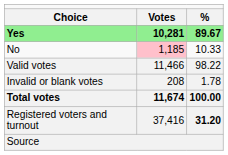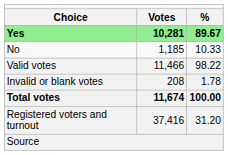 <table class="wikitable" style="text-align:right;">
 <tr>
 <td colspan="6" align="center"></td>
 </tr>
 <tr>
 <th style="width:200px;">Choice</th>
 <th style="width:70px;">Votes</th>
 <th style="width:50px;">%</th>
 </tr>
 <tr style="background:lightgreen;">
 <td align="left"> <strong>Yes</strong></td>
 <td><strong>10,281</strong></td>
 <td><strong>89.67</strong></td>
 </tr>
 <tr>
 <td align="left">No</td>
-<td style="background: pink;">1,185</td>
+<td>1,185</td>
 <td>10.33</td>
 </tr>
 <tr style="background-color:#F2F2F2">
 <td align="left">Valid votes</td>
 <td>11,466</td>
 <td>98.22</td>
 </tr>
 <tr style="background-color:#F2F2F2">
 <td align="left">Invalid or blank votes</td>
 <td>208</td>
 <td>1.78</td>
 </tr>
 <tr style="background-color:#F2F2F2">
 <td align="left"><strong>Total votes</strong></td>
 <td><strong>11,674</strong></td>
 <td><strong>100.00</strong></td>
 </tr>
 <tr style="background-color:#F2F2F2">
 <td align="left">Registered voters and turnout</td>
 <td>37,416</td>
-<td><strong>31.20</strong></td>
+<td>31.20</td>
 </tr>
 <tr style="background-color:#F2F2F2">
 <td colspan="3" align="left">Source</td>
 </tr>
 </table>
